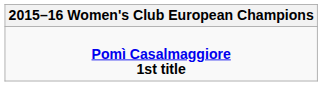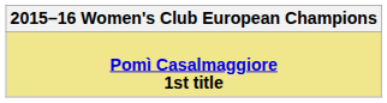 <table class=wikitable style="text-align:center; margin:auto">
 <tr>
 <th>2015–16 Women's Club European Champions</th>
 </tr>
 <tr>
-<td><br> <strong><a href='#'>Pomì Casalmaggiore</a></strong><br> <strong>1st title</strong></td>
+<td style="background: khaki;"><br> <strong><a href='#'>Pomì Casalmaggiore</a></strong><br> <strong>1st title</strong></td>
 </tr>
 </table>
